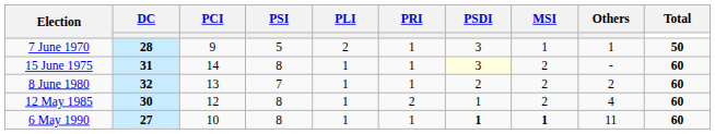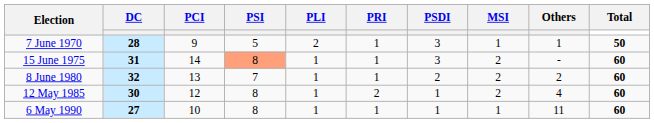 <table class="wikitable" style="text-align:center;font-size:85%;line-height:13px">
 <tr style="height:30px; background-color:#E9E9E9">
 <th style="width:110px;" rowspan="2">Election</th>
 <th style="width:65px;"><a href='#'>DC</a></th>
 <th style="width:65px;"><a href='#'>PCI</a></th>
 <th style="width:65px;"><a href='#'>PSI</a></th>
 <th style="width:65px;"><a href='#'>PLI</a></th>
 <th style="width:65px;"><a href='#'>PRI</a></th>
 <th style="width:65px;"><a href='#'>PSDI</a></th>
 <th style="width:65px;"><a href='#'>MSI</a></th>
 <th style="width:65px;">Others</th>
 <th style="width:65px;">Total</th>
 </tr>
 <tr>
 <th style="color:inherit;background:"></th>
 <th style="color:inherit;background:"></th>
 <th style="color:inherit;background:"></th>
 <th style="color:inherit;background:"></th>
 <th style="color:inherit;background:"></th>
 <th style="color:inherit;background:"></th>
 <th style="color:inherit;background:"></th>
 <th style="color:inherit;background:"></th>
 <th style="color:inherit;background:white;"></th>
 </tr>
 <tr>
 <td><a href='#'>7 June 1970</a></td>
 <td style="background:#C8EBFF"><strong>28</strong></td>
 <td>9</td>
 <td>5</td>
 <td>2</td>
 <td>1</td>
 <td>3</td>
 <td>1</td>
 <td>1</td>
 <td><strong>50</strong></td>
 </tr>
 <tr>
 <td><a href='#'>15 June 1975</a></td>
 <td style="background:#C8EBFF"><strong>31</strong></td>
 <td>14</td>
-<td>8</td>
+<td style="background: lightsalmon;">8</td>
 <td>1</td>
 <td>1</td>
-<td style="background: lightyellow;">3</td>
+<td>3</td>
 <td>2</td>
 <td>-</td>
 <td><strong>60</strong></td>
 </tr>
 <tr>
 <td><a href='#'>8 June 1980</a></td>
 <td style="background:#C8EBFF"><strong>32</strong></td>
 <td>13</td>
 <td>7</td>
 <td>1</td>
 <td>1</td>
 <td>2</td>
 <td>2</td>
 <td>2</td>
 <td><strong>60</strong></td>
 </tr>
 <tr>
 <td><a href='#'>12 May 1985</a></td>
 <td style="background:#C8EBFF"><strong>30</strong></td>
 <td>12</td>
 <td>8</td>
 <td>1</td>
 <td>2</td>
 <td>1</td>
 <td>2</td>
 <td>4</td>
 <td><strong>60</strong></td>
 </tr>
 <tr>
 <td><a href='#'>6 May 1990</a></td>
 <td style="background:#C8EBFF"><strong>27</strong></td>
 <td>10</td>
 <td>8</td>
 <td>1</td>
 <td>1</td>
-<td><strong>1</strong></td>
-<td><strong>1</strong></td>
+<td>1</td>
+<td>1</td>
 <td>11</td>
 <td><strong>60</strong></td>
 </tr>
 </table>
